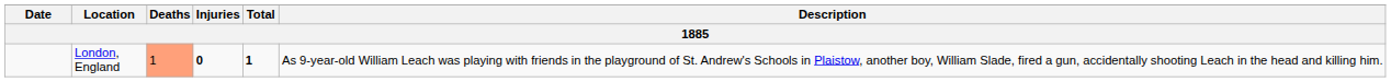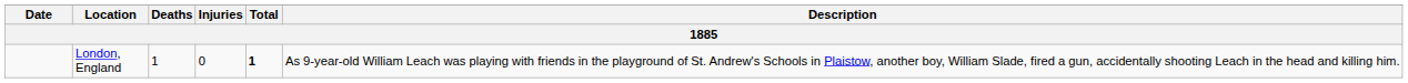 <table class="sortable wikitable" style="font-size:100%;" id="1880s">
 <tr>
 </tr>
 <tr>
 <th style="width:80px;">Date</th>
 <th style="width:90px;">Location</th>
 <th style="width:40px;">Deaths</th>
 <th style="width:40px;">Injuries</th>
 <th style="width:40px;">Total</th>
 <th class="unsortable">Description</th>
 </tr>
 <tr>
 <th colspan="7">1885 </th>
 </tr>
 <tr>
 <td></td>
 <td><a href='#'>London</a>, England</td>
-<td style="background: lightsalmon;">1</td>
-<td><strong>0</strong></td>
+<td>1</td>
+<td>0</td>
 <td><strong>1</strong></td>
 <td>As 9-year-old William Leach was playing with friends in the playground of St. Andrew's Schools in <a href='#'>Plaistow</a>, another boy, William Slade, fired a gun, accidentally shooting Leach in the head and killing him.</td>
 </tr>
 </table>
